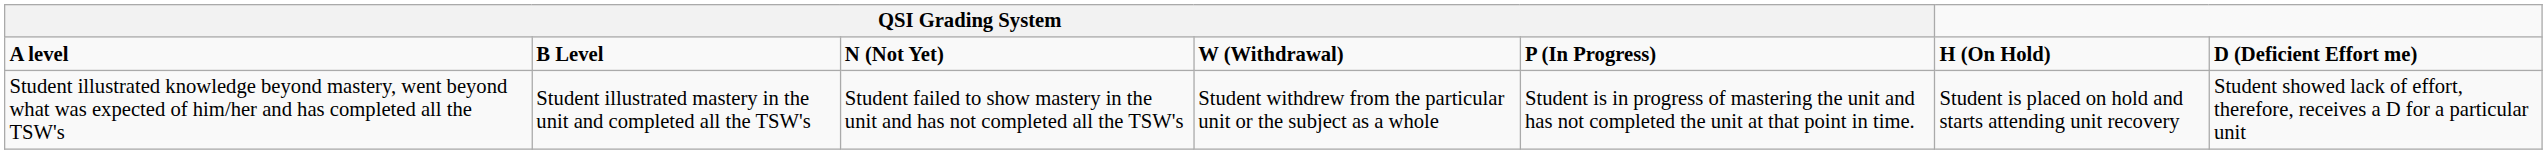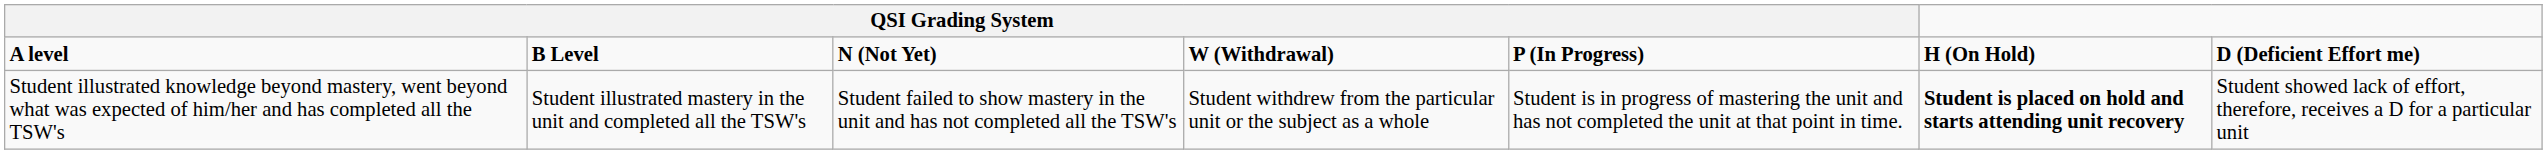 <table class="wikitable">
 <tr>
 <th colspan="5">QSI Grading System</th>
 </tr>
 <tr>
 <td><strong>A level</strong></td>
 <td><strong>B Level</strong></td>
 <td><strong>N (Not Yet)</strong></td>
 <td><strong>W (Withdrawal)</strong></td>
 <td><strong>P (In Progress)</strong></td>
 <td><strong>H (On Hold)</strong></td>
 <td><strong>D (Deficient Effort me)</strong></td>
 </tr>
 <tr>
 <td>Student illustrated knowledge beyond mastery, went beyond what was expected of him/her and has completed all the TSW's</td>
 <td>Student illustrated mastery in the unit and completed all the TSW's</td>
 <td>Student failed to show mastery in the unit and has not completed all the TSW's</td>
 <td>Student withdrew from the particular unit or the subject as a whole</td>
 <td>Student is in progress of mastering the unit and has not completed the unit at that point in time.</td>
-<td>Student is placed on hold and starts attending unit recovery</td>
+<td><strong>Student is placed on hold and starts attending unit recovery</strong></td>
 <td>Student showed lack of effort, therefore, receives a D for a particular unit</td>
 </tr>
 </table>
